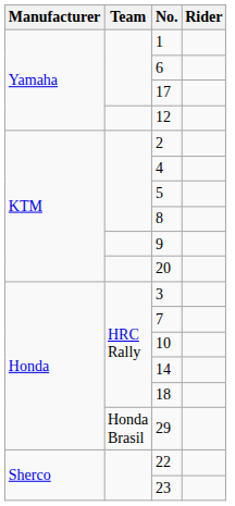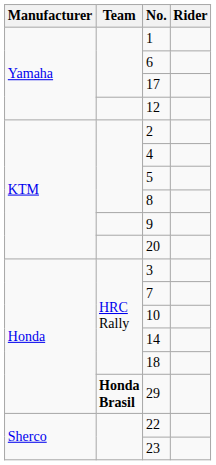 <table class="wikitable" style="font-size:85%; ; width:15%">
 <tr>
 <th>Manufacturer</th>
 <th>Team</th>
 <th>No.</th>
 <th>Rider</th>
 </tr>
 <tr>
 <td rowspan=4> <a href='#'>Yamaha</a></td>
 <td rowspan=3></td>
 <td>1</td>
 <td></td>
 </tr>
 <tr>
 <td>6</td>
 <td></td>
 </tr>
 <tr>
 <td>17</td>
 <td></td>
 </tr>
 <tr>
 <td></td>
 <td>12</td>
 <td></td>
 </tr>
 <tr>
 <td rowspan=6> <a href='#'>KTM</a></td>
 <td rowspan=4></td>
 <td>2</td>
 <td></td>
 </tr>
 <tr>
 <td>4</td>
 <td></td>
 </tr>
 <tr>
 <td>5</td>
 <td></td>
 </tr>
 <tr>
 <td>8</td>
 <td></td>
 </tr>
 <tr>
 <td></td>
 <td>9</td>
 <td></td>
 </tr>
 <tr>
 <td></td>
 <td>20</td>
 <td></td>
 </tr>
 <tr>
 <td rowspan=6> <a href='#'>Honda</a></td>
 <td rowspan=5><a href='#'>HRC</a> Rally</td>
 <td>3</td>
 <td></td>
 </tr>
 <tr>
 <td>7</td>
 <td></td>
 </tr>
 <tr>
 <td>10</td>
 <td></td>
 </tr>
 <tr>
 <td>14</td>
 <td></td>
 </tr>
 <tr>
 <td>18</td>
 <td></td>
 </tr>
 <tr>
-<td>Honda Brasil</td>
+<td><strong>Honda Brasil</strong></td>
 <td>29</td>
 <td></td>
 </tr>
 <tr>
 <td rowspan=2> <a href='#'>Sherco</a></td>
 <td rowspan=2></td>
 <td>22</td>
 <td></td>
 </tr>
 <tr>
 <td>23</td>
 <td></td>
 </tr>
 </table>
